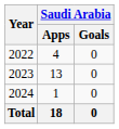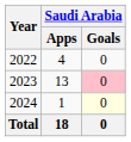 <table class="wikitable" style="text-align:center">
 <tr>
 <th rowspan=2>Year</th>
 <th colspan=2><a href='#'>Saudi Arabia</a></th>
 </tr>
 <tr>
 <th>Apps</th>
 <th>Goals</th>
 </tr>
 <tr>
 <td>2022</td>
 <td>4</td>
 <td>0</td>
 </tr>
 <tr>
 <td>2023</td>
 <td>13</td>
-<td>0</td>
+<td style="background: pink;">0</td>
 </tr>
 <tr>
 <td>2024</td>
 <td>1</td>
-<td>0</td>
+<td style="background: lightyellow;">0</td>
 </tr>
 <tr>
 <th>Total</th>
 <th>18</th>
 <th>0</th>
 </tr>
 </table>
